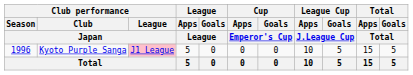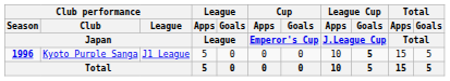 <table class="wikitable" style="text-align:center;">
 <tr>
 <th colspan=3>Club performance</th>
 <th colspan=2>League</th>
 <th colspan=2>Cup</th>
 <th colspan=2>League Cup</th>
 <th colspan=2>Total</th>
 </tr>
 <tr>
 <th>Season</th>
 <th>Club</th>
 <th>League</th>
 <th>Apps</th>
 <th>Goals</th>
 <th>Apps</th>
 <th>Goals</th>
 <th>Apps</th>
 <th>Goals</th>
 <th>Apps</th>
 <th>Goals</th>
 </tr>
 <tr>
 <th colspan=3>Japan</th>
 <th colspan=2>League</th>
 <th colspan=2><a href='#'>Emperor's Cup</a></th>
 <th colspan=2><a href='#'>J.League Cup</a></th>
 <th colspan=2>Total</th>
 </tr>
 <tr>
-<td><a href='#'>1996</a></td>
+<td><strong><a href='#'>1996</a></strong></td>
 <td><a href='#'>Kyoto Purple Sanga</a></td>
-<td style="background: pink;"><a href='#'>J1 League</a></td>
+<td><a href='#'>J1 League</a></td>
 <td>5</td>
 <td>0</td>
 <td>0</td>
 <td>0</td>
 <td>10</td>
-<td>5</td>
+<td><strong>5</strong></td>
 <td>15</td>
 <td>5</td>
 </tr>
 <tr>
 <th colspan=3>Total</th>
 <th>5</th>
 <th>0</th>
 <th>0</th>
 <th>0</th>
 <th>10</th>
 <th>5</th>
 <th>15</th>
 <th>5</th>
 </tr>
 </table>
